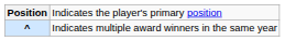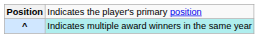 <table class="wikitable plainrowheaders" style="font-size:85%">
 <tr>
 <th scope="row" style="text-align:center"><strong>Position</strong></th>
 <td>Indicates the player's primary <a href='#'>position</a></td>
 </tr>
 <tr>
 <th scope="row" style="text-align:center; background-color:#D0E7FF;">^</th>
-<td>Indicates multiple award winners in the same year</td>
+<td style="background: paleturquoise;">Indicates multiple award winners in the same year</td>
 </tr>
 </table>
